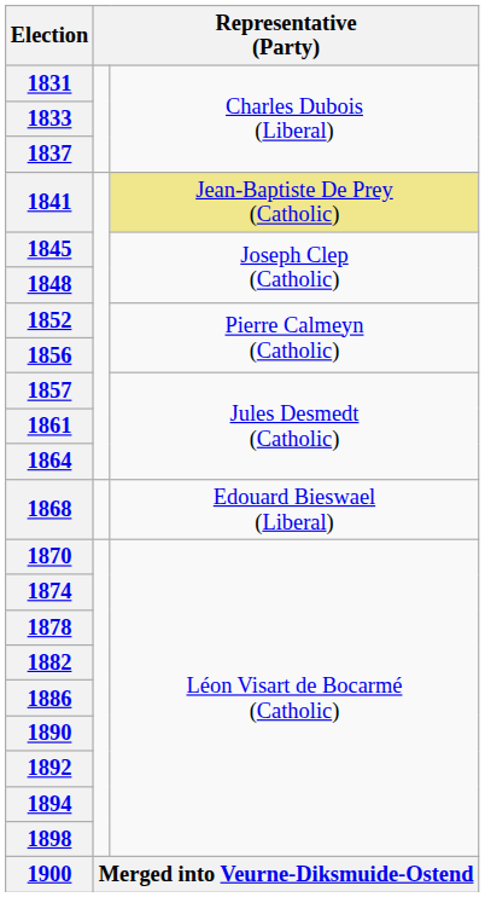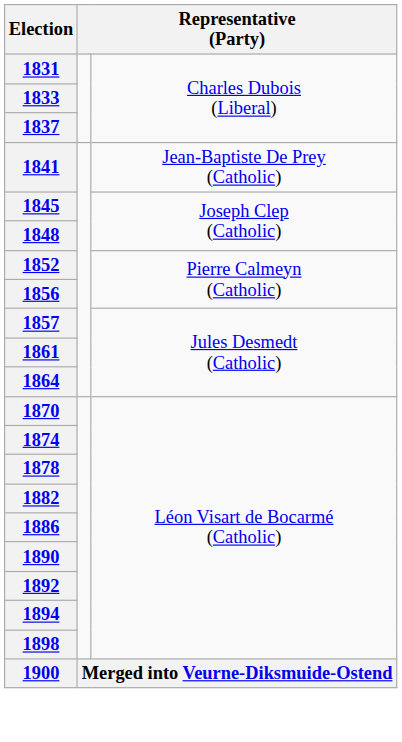 <table class="wikitable" style="text-align:center">
 <tr>
 <th>Election</th>
 <th colspan=2>Representative<br>(Party)</th>
 </tr>
 <tr>
 <th><a href='#'>1831</a></th>
 <td rowspan=3; style="background-color: "></td>
 <td rowspan=3><a href='#'>Charles Dubois</a><br>(<a href='#'>Liberal</a>)</td>
 </tr>
 <tr>
 <th><a href='#'>1833</a></th>
 </tr>
 <tr>
 <th><a href='#'>1837</a></th>
 </tr>
 <tr>
 <th><a href='#'>1841</a></th>
 <td rowspan=8; style="background-color: "></td>
-<td rowspan=1 style="background: khaki;"><a href='#'>Jean-Baptiste De Prey</a><br>(<a href='#'>Catholic</a>)</td>
+<td rowspan=1><a href='#'>Jean-Baptiste De Prey</a><br>(<a href='#'>Catholic</a>)</td>
 </tr>
 <tr>
 <th><a href='#'>1845</a></th>
 <td rowspan=2><a href='#'>Joseph Clep</a><br>(<a href='#'>Catholic</a>)</td>
 </tr>
 <tr>
 <th><a href='#'>1848</a></th>
 </tr>
 <tr>
 <th><a href='#'>1852</a></th>
 <td rowspan=2><a href='#'>Pierre Calmeyn</a><br>(<a href='#'>Catholic</a>)</td>
 </tr>
 <tr>
 <th><a href='#'>1856</a></th>
 </tr>
 <tr>
 <th><a href='#'>1857</a></th>
 <td rowspan=3><a href='#'>Jules Desmedt</a><br>(<a href='#'>Catholic</a>)</td>
 </tr>
 <tr>
 <th><a href='#'>1861</a></th>
 </tr>
 <tr>
 <th><a href='#'>1864</a></th>
-</tr>
-<tr>
-<th><a href='#'>1868</a></th>
-<td rowspan=1; style="background-color: "></td>
-<td rowspan=1><a href='#'>Edouard Bieswael</a><br>(<a href='#'>Liberal</a>)</td>
 </tr>
 <tr>
 <th><a href='#'>1870</a></th>
 <td rowspan=9; style="background-color: "></td>
 <td rowspan=9><a href='#'>Léon Visart de Bocarmé</a><br>(<a href='#'>Catholic</a>)</td>
 </tr>
 <tr>
 <th><a href='#'>1874</a></th>
 </tr>
 <tr>
 <th><a href='#'>1878</a></th>
 </tr>
 <tr>
 <th><a href='#'>1882</a></th>
 </tr>
 <tr>
 <th><a href='#'>1886</a></th>
 </tr>
 <tr>
 <th><a href='#'>1890</a></th>
 </tr>
 <tr>
 <th><a href='#'>1892</a></th>
 </tr>
 <tr>
 <th><a href='#'>1894</a></th>
 </tr>
 <tr>
 <th><a href='#'>1898</a></th>
 </tr>
 <tr>
 <th><a href='#'>1900</a></th>
 <th colspan=2>Merged into <a href='#'>Veurne-Diksmuide-Ostend</a></th>
 </tr>
 </table>
